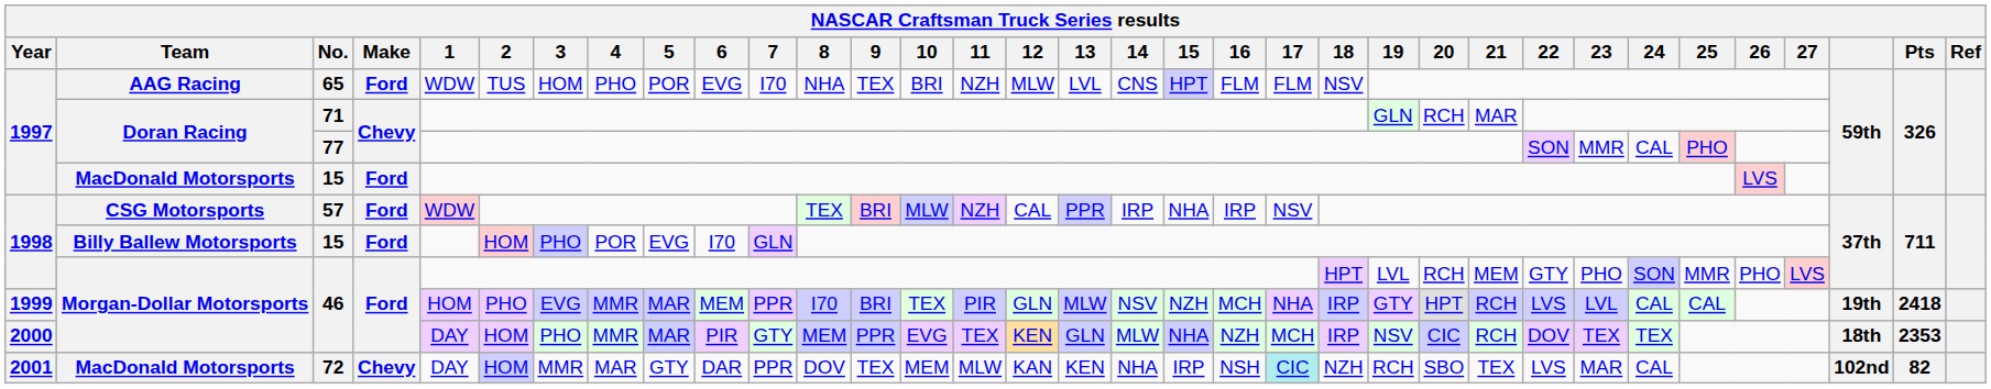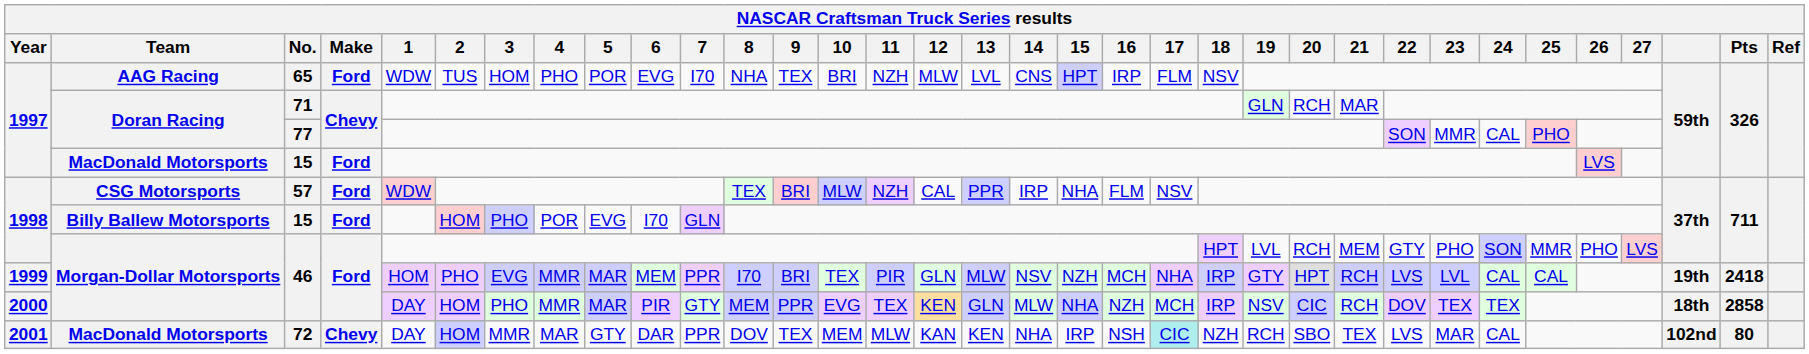 <table class="wikitable" style="text-align:center; font-size:75%">
 <tr>
 <th colspan=34><a href='#'>NASCAR Craftsman Truck Series</a> results</th>
 </tr>
 <tr>
 <th>Year</th>
 <th>Team</th>
 <th>No.</th>
 <th>Make</th>
 <th>1</th>
 <th>2</th>
 <th>3</th>
 <th>4</th>
 <th>5</th>
 <th>6</th>
 <th>7</th>
 <th>8</th>
 <th>9</th>
 <th>10</th>
 <th>11</th>
 <th>12</th>
 <th>13</th>
 <th>14</th>
 <th>15</th>
 <th>16</th>
 <th>17</th>
 <th>18</th>
 <th>19</th>
 <th>20</th>
 <th>21</th>
 <th>22</th>
 <th>23</th>
 <th>24</th>
 <th>25</th>
 <th>26</th>
 <th>27</th>
 <th></th>
 <th>Pts</th>
 <th>Ref</th>
 </tr>
 <tr>
 <th rowspan=4><a href='#'>1997</a></th>
 <th><a href='#'>AAG Racing</a></th>
 <th>65</th>
 <th><a href='#'>Ford</a></th>
 <td><a href='#'>WDW</a></td>
 <td><a href='#'>TUS</a></td>
 <td><a href='#'>HOM</a></td>
 <td><a href='#'>PHO</a></td>
 <td><a href='#'>POR</a></td>
 <td><a href='#'>EVG</a></td>
 <td><a href='#'>I70</a></td>
 <td><a href='#'>NHA</a></td>
 <td><a href='#'>TEX</a></td>
 <td><a href='#'>BRI</a></td>
 <td><a href='#'>NZH</a></td>
 <td><a href='#'>MLW</a></td>
 <td><a href='#'>LVL</a></td>
 <td><a href='#'>CNS</a></td>
 <td style="background:#CFCFFF;"><a href='#'>HPT</a><br></td>
-<td><a href='#'>FLM</a></td>
+<td><a href='#'>IRP</a></td>
 <td><a href='#'>FLM</a></td>
 <td><a href='#'>NSV</a></td>
 <td colspan=9></td>
 <th rowspan=4>59th</th>
 <th rowspan=4>326</th>
 <th rowspan=4></th>
 </tr>
 <tr>
 <th rowspan=2><a href='#'>Doran Racing</a></th>
 <th>71</th>
 <th rowspan=2><a href='#'>Chevy</a></th>
 <td colspan=18></td>
 <td style="background:#DFFFDF;"><a href='#'>GLN</a><br></td>
 <td><a href='#'>RCH</a></td>
 <td><a href='#'>MAR</a></td>
 <td colspan=6></td>
 </tr>
 <tr>
 <th>77</th>
 <td colspan=21></td>
 <td style="background:#EFCFFF;"><a href='#'>SON</a><br></td>
 <td><a href='#'>MMR</a></td>
 <td><a href='#'>CAL</a></td>
 <td style="background:#FFCFCF;"><a href='#'>PHO</a><br></td>
 <td colspan=2></td>
 </tr>
 <tr>
 <th><a href='#'>MacDonald Motorsports</a></th>
 <th>15</th>
 <th><a href='#'>Ford</a></th>
 <td colspan=25></td>
 <td style="background:#FFCFCF;"><a href='#'>LVS</a><br></td>
 <td></td>
 </tr>
 <tr>
 <th rowspan=3><a href='#'>1998</a></th>
 <th><a href='#'>CSG Motorsports</a></th>
 <th>57</th>
 <th><a href='#'>Ford</a></th>
 <td style="background:#FFCFCF;"><a href='#'>WDW</a><br></td>
 <td colspan=6></td>
 <td style="background:#DFFFDF;"><a href='#'>TEX</a><br></td>
 <td style="background:#FFCFCF;"><a href='#'>BRI</a><br></td>
 <td style="background:#CFCFFF;"><a href='#'>MLW</a><br></td>
 <td style="background:#EFCFFF;"><a href='#'>NZH</a><br></td>
 <td><a href='#'>CAL</a></td>
 <td style="background:#CFCFFF;"><a href='#'>PPR</a><br></td>
 <td><a href='#'>IRP</a></td>
 <td><a href='#'>NHA</a></td>
-<td><a href='#'>IRP</a></td>
+<td><a href='#'>FLM</a></td>
 <td><a href='#'>NSV</a></td>
 <td colspan=10></td>
 <th rowspan=3>37th</th>
 <th rowspan=3>711</th>
 <th rowspan=3></th>
 </tr>
 <tr>
 <th><a href='#'>Billy Ballew Motorsports</a></th>
 <th>15</th>
 <th><a href='#'>Ford</a></th>
 <td></td>
 <td style="background:#FFCFCF;"><a href='#'>HOM</a><br></td>
 <td style="background:#CFCFFF;"><a href='#'>PHO</a><br></td>
 <td><a href='#'>POR</a></td>
 <td><a href='#'>EVG</a></td>
 <td><a href='#'>I70</a></td>
 <td style="background:#EFCFFF;"><a href='#'>GLN</a><br></td>
 <td colspan=20></td>
 </tr>
 <tr>
 <th rowspan=3><a href='#'>Morgan-Dollar Motorsports</a></th>
 <th rowspan=3>46</th>
 <th rowspan=3><a href='#'>Ford</a></th>
 <td colspan=17></td>
 <td style="background:#EFCFFF;"><a href='#'>HPT</a><br></td>
 <td><a href='#'>LVL</a></td>
 <td><a href='#'>RCH</a></td>
 <td><a href='#'>MEM</a></td>
 <td><a href='#'>GTY</a></td>
 <td><a href='#'>PHO</a></td>
 <td style="background:#CFCFFF;"><a href='#'>SON</a><br></td>
 <td><a href='#'>MMR</a></td>
 <td><a href='#'>PHO</a></td>
 <td style="background:#FFCFCF;"><a href='#'>LVS</a><br></td>
 </tr>
 <tr>
 <th><a href='#'>1999</a></th>
 <td style="background:#EFCFFF;"><a href='#'>HOM</a><br></td>
 <td style="background:#EFCFFF;"><a href='#'>PHO</a><br></td>
 <td style="background:#CFCFFF;"><a href='#'>EVG</a><br></td>
 <td style="background:#CFCFFF;"><a href='#'>MMR</a><br></td>
 <td style="background:#CFCFFF;"><a href='#'>MAR</a><br></td>
 <td style="background:#DFFFDF;"><a href='#'>MEM</a><br></td>
 <td style="background:#EFCFFF;"><a href='#'>PPR</a><br></td>
 <td style="background:#CFCFFF;"><a href='#'>I70</a><br></td>
 <td style="background:#CFCFFF;"><a href='#'>BRI</a><br></td>
 <td style="background:#DFFFDF;"><a href='#'>TEX</a><br></td>
 <td style="background:#CFCFFF;"><a href='#'>PIR</a><br></td>
 <td style="background:#DFFFDF;"><a href='#'>GLN</a><br></td>
 <td style="background:#CFCFFF;"><a href='#'>MLW</a><br></td>
 <td style="background:#DFFFDF;"><a href='#'>NSV</a><br></td>
 <td style="background:#DFFFDF;"><a href='#'>NZH</a><br></td>
 <td style="background:#DFFFDF;"><a href='#'>MCH</a><br></td>
 <td style="background:#EFCFFF;"><a href='#'>NHA</a><br></td>
 <td style="background:#CFCFFF;"><a href='#'>IRP</a><br></td>
 <td style="background:#EFCFFF;"><a href='#'>GTY</a><br></td>
 <td style="background:#DFDFDF;"><a href='#'>HPT</a><br></td>
 <td style="background:#CFCFFF;"><a href='#'>RCH</a><br></td>
 <td style="background:#CFCFFF;"><a href='#'>LVS</a><br></td>
 <td style="background:#CFCFFF;"><a href='#'>LVL</a><br></td>
 <td style="background:#DFFFDF;"><a href='#'>CAL</a><br></td>
 <td style="background:#DFFFDF;"><a href='#'>CAL</a><br></td>
 <td colspan=2></td>
 <th>19th</th>
 <th>2418</th>
 <th></th>
 </tr>
 <tr>
 <th><a href='#'>2000</a></th>
 <td style="background:#EFCFFF;"><a href='#'>DAY</a><br></td>
 <td style="background:#EFCFFF;"><a href='#'>HOM</a><br></td>
 <td style="background:#DFFFDF;"><a href='#'>PHO</a><br></td>
 <td style="background:#DFFFDF;"><a href='#'>MMR</a><br></td>
 <td style="background:#CFCFFF;"><a href='#'>MAR</a><br></td>
 <td style="background:#EFCFFF;"><a href='#'>PIR</a><br></td>
 <td style="background:#DFFFDF;"><a href='#'>GTY</a><br></td>
 <td style="background:#CFCFFF;"><a href='#'>MEM</a><br></td>
 <td style="background:#CFCFFF;"><a href='#'>PPR</a><br></td>
 <td style="background:#EFCFFF;"><a href='#'>EVG</a><br></td>
 <td style="background:#EFCFFF;"><a href='#'>TEX</a><br></td>
 <td style="background:#FFDF9F;"><a href='#'>KEN</a><br></td>
 <td style="background:#CFCFFF;'"><a href='#'>GLN</a><br></td>
 <td style="background:#DFFFDF;"><a href='#'>MLW</a><br></td>
 <td style="background:#CFCFFF;"><a href='#'>NHA</a><br></td>
 <td style="background:#DFFFDF;"><a href='#'>NZH</a><br></td>
 <td style="background:#DFFFDF;"><a href='#'>MCH</a><br></td>
 <td style="background:#EFCFFF;"><a href='#'>IRP</a><br></td>
 <td style="background:#DFFFDF;"><a href='#'>NSV</a><br></td>
 <td style="background:#CFCFFF;"><a href='#'>CIC</a><br></td>
 <td style="background:#DFFFDF;"><a href='#'>RCH</a><br></td>
 <td style="background:#EFCFFF;"><a href='#'>DOV</a><br></td>
 <td style="background:#EFCFFF;"><a href='#'>TEX</a><br></td>
 <td style="background:#DFFFDF;"><a href='#'>TEX</a><br></td>
 <td colspan=3></td>
 <th>18th</th>
-<th>2353</th>
+<th>2858</th>
 <th></th>
 </tr>
 <tr>
 <th><a href='#'>2001</a></th>
 <th><a href='#'>MacDonald Motorsports</a></th>
 <th>72</th>
 <th><a href='#'>Chevy</a></th>
 <td><a href='#'>DAY</a></td>
 <td style="background:#CFCFFF;"><a href='#'>HOM</a><br></td>
 <td><a href='#'>MMR</a></td>
 <td><a href='#'>MAR</a></td>
 <td><a href='#'>GTY</a></td>
 <td><a href='#'>DAR</a></td>
 <td><a href='#'>PPR</a></td>
 <td><a href='#'>DOV</a></td>
 <td><a href='#'>TEX</a></td>
 <td><a href='#'>MEM</a></td>
 <td><a href='#'>MLW</a></td>
 <td><a href='#'>KAN</a></td>
 <td><a href='#'>KEN</a></td>
 <td><a href='#'>NHA</a></td>
 <td><a href='#'>IRP</a></td>
 <td><a href='#'>NSH</a></td>
 <td style="background: paleturquoise;"><a href='#'>CIC</a></td>
 <td><a href='#'>NZH</a></td>
 <td><a href='#'>RCH</a></td>
 <td><a href='#'>SBO</a></td>
 <td><a href='#'>TEX</a></td>
 <td><a href='#'>LVS</a></td>
 <td><a href='#'>MAR</a></td>
 <td><a href='#'>CAL</a></td>
 <td colspan=3></td>
 <th>102nd</th>
-<th>82</th>
+<th>80</th>
 <th></th>
 </tr>
 </table>
